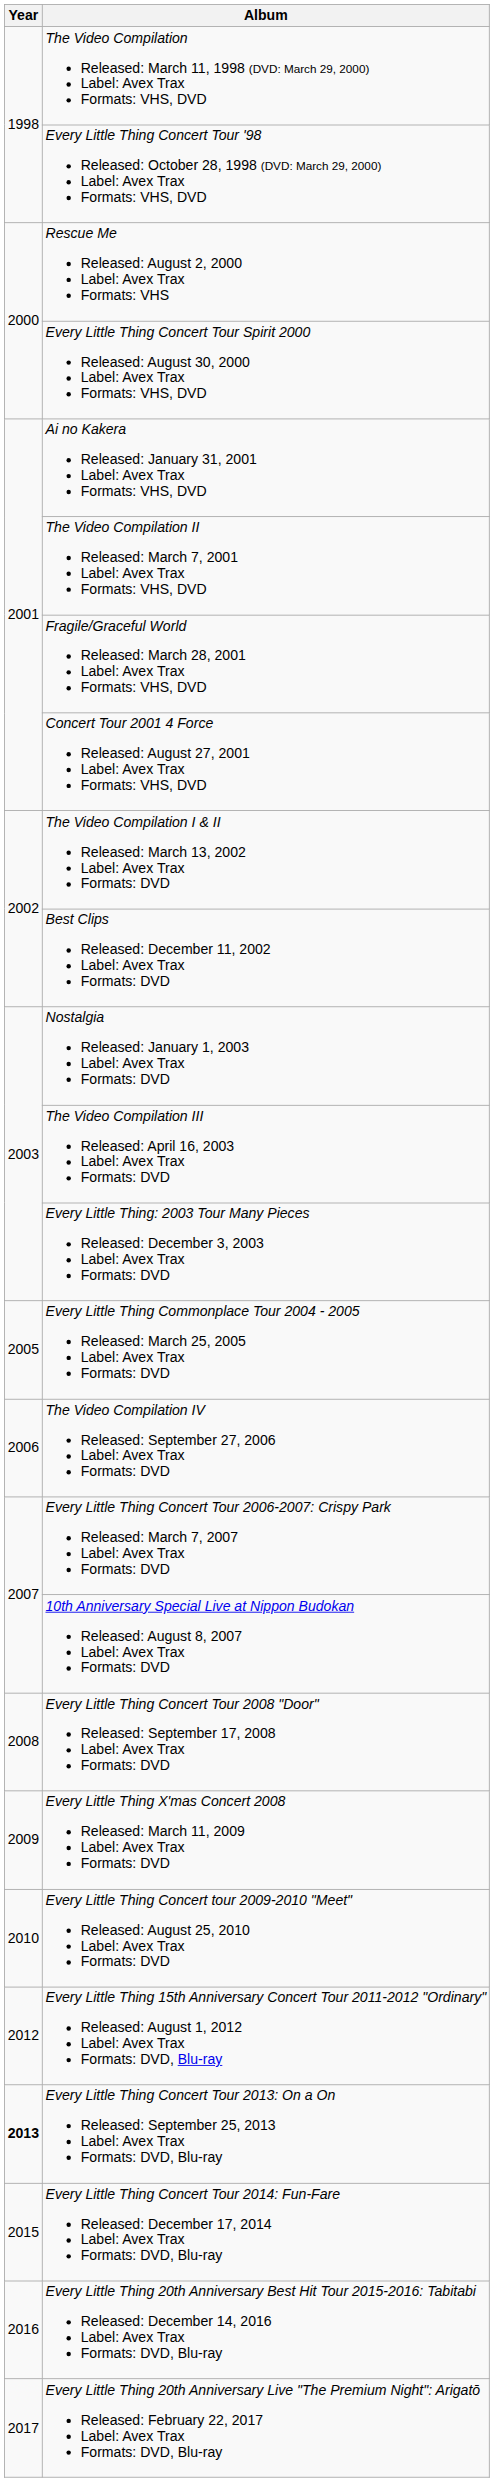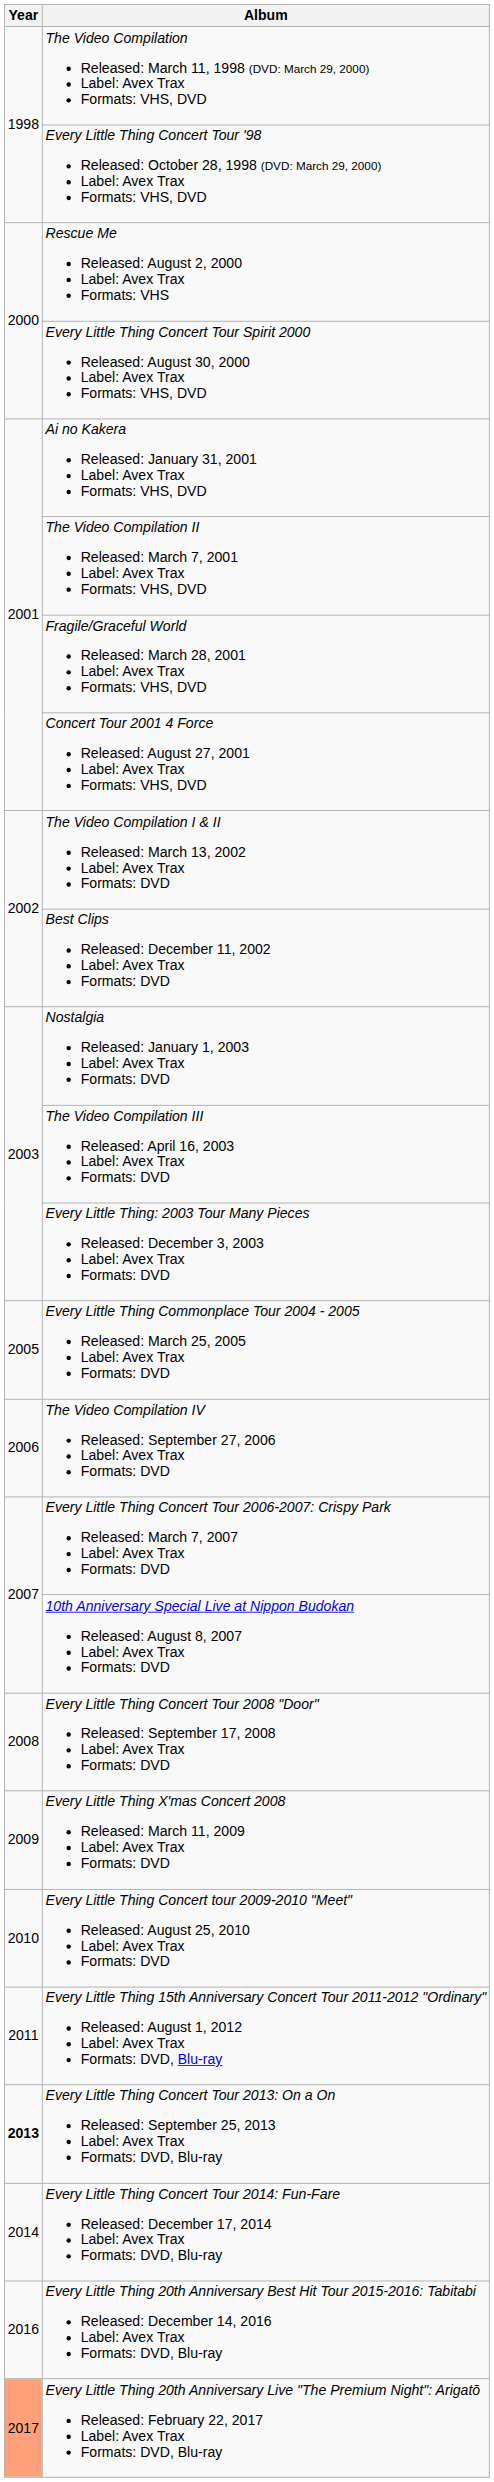 <table class="wikitable" style="text-align:center;">
 <tr>
 <th>Year</th>
 <th>Album</th>
 </tr>
 <tr>
 <td rowspan="2">1998</td>
 <td align="left"><em>The Video Compilation</em><br><ul><li>Released: March 11, 1998 <small>(DVD: March 29, 2000)</small></li><li>Label: Avex Trax</li><li>Formats: VHS, DVD</li></ul></td>
 </tr>
 <tr>
 <td align="left"><em>Every Little Thing Concert Tour '98</em><br><ul><li>Released: October 28, 1998 <small>(DVD: March 29, 2000)</small></li><li>Label: Avex Trax</li><li>Formats: VHS, DVD</li></ul></td>
 </tr>
 <tr>
 <td rowspan="2">2000</td>
 <td align="left"><em>Rescue Me</em><br><ul><li>Released: August 2, 2000</li><li>Label: Avex Trax</li><li>Formats: VHS</li></ul></td>
 </tr>
 <tr>
 <td align="left"><em>Every Little Thing Concert Tour Spirit 2000</em><br><ul><li>Released: August 30, 2000</li><li>Label: Avex Trax</li><li>Formats: VHS, DVD</li></ul></td>
 </tr>
 <tr>
 <td rowspan="4">2001</td>
 <td align="left"><em>Ai no Kakera</em><br><ul><li>Released: January 31, 2001</li><li>Label: Avex Trax</li><li>Formats: VHS, DVD</li></ul></td>
 </tr>
 <tr>
 <td align="left"><em>The Video Compilation II</em><br><ul><li>Released: March 7, 2001</li><li>Label: Avex Trax</li><li>Formats: VHS, DVD</li></ul></td>
 </tr>
 <tr>
 <td align="left"><em>Fragile/Graceful World</em><br><ul><li>Released: March 28, 2001</li><li>Label: Avex Trax</li><li>Formats: VHS, DVD</li></ul></td>
 </tr>
 <tr>
 <td align="left"><em>Concert Tour 2001 4 Force</em><br><ul><li>Released: August 27, 2001</li><li>Label: Avex Trax</li><li>Formats: VHS, DVD</li></ul></td>
 </tr>
 <tr>
 <td rowspan="2">2002</td>
 <td align="left"><em>The Video Compilation I & II</em><br><ul><li>Released: March 13, 2002</li><li>Label: Avex Trax</li><li>Formats: DVD</li></ul></td>
 </tr>
 <tr>
 <td align="left"><em>Best Clips</em><br><ul><li>Released: December 11, 2002</li><li>Label: Avex Trax</li><li>Formats: DVD</li></ul></td>
 </tr>
 <tr>
 <td rowspan="3">2003</td>
 <td align="left"><em>Nostalgia</em><br><ul><li>Released: January 1, 2003</li><li>Label: Avex Trax</li><li>Formats: DVD</li></ul></td>
 </tr>
 <tr>
 <td align="left"><em>The Video Compilation III</em><br><ul><li>Released: April 16, 2003</li><li>Label: Avex Trax</li><li>Formats: DVD</li></ul></td>
 </tr>
 <tr>
 <td align="left"><em>Every Little Thing: 2003 Tour Many Pieces</em><br><ul><li>Released: December 3, 2003</li><li>Label: Avex Trax</li><li>Formats: DVD</li></ul></td>
 </tr>
 <tr>
 <td>2005</td>
 <td align="left"><em>Every Little Thing Commonplace Tour 2004 - 2005</em><br><ul><li>Released: March 25, 2005</li><li>Label: Avex Trax</li><li>Formats: DVD</li></ul></td>
 </tr>
 <tr>
 <td>2006</td>
 <td align="left"><em>The Video Compilation IV</em><br><ul><li>Released: September 27, 2006</li><li>Label: Avex Trax</li><li>Formats: DVD</li></ul></td>
 </tr>
 <tr>
 <td rowspan="2">2007</td>
 <td align="left"><em>Every Little Thing Concert Tour 2006-2007: Crispy Park</em><br><ul><li>Released: March 7, 2007</li><li>Label: Avex Trax</li><li>Formats: DVD</li></ul></td>
 </tr>
 <tr>
 <td align="left"><em><a href='#'>10th Anniversary Special Live at Nippon Budokan</a></em><br><ul><li>Released: August 8, 2007</li><li>Label: Avex Trax</li><li>Formats: DVD</li></ul></td>
 </tr>
 <tr>
 <td>2008</td>
 <td align="left"><em>Every Little Thing Concert Tour 2008 "Door"</em><br><ul><li>Released: September 17, 2008</li><li>Label: Avex Trax</li><li>Formats: DVD</li></ul></td>
 </tr>
 <tr>
 <td>2009</td>
 <td align="left"><em>Every Little Thing X'mas Concert 2008</em><br><ul><li>Released: March 11, 2009</li><li>Label: Avex Trax</li><li>Formats: DVD</li></ul></td>
 </tr>
 <tr>
 <td>2010</td>
 <td align="left"><em>Every Little Thing Concert tour 2009-2010 "Meet"</em><br><ul><li>Released: August 25, 2010</li><li>Label: Avex Trax</li><li>Formats: DVD</li></ul></td>
 </tr>
 <tr>
-<td>2012</td>
+<td>2011</td>
 <td align="left"><em>Every Little Thing 15th Anniversary Concert Tour 2011-2012 "Ordinary"</em><br><ul><li>Released: August 1, 2012</li><li>Label: Avex Trax</li><li>Formats: DVD, <a href='#'>Blu-ray</a></li></ul></td>
 </tr>
 <tr>
 <td><strong>2013</strong></td>
 <td align="left"><em>Every Little Thing Concert Tour 2013: On a On</em><br><ul><li>Released: September 25, 2013</li><li>Label: Avex Trax</li><li>Formats: DVD, Blu-ray</li></ul></td>
 </tr>
 <tr>
-<td>2015</td>
+<td>2014</td>
 <td align="left"><em>Every Little Thing Concert Tour 2014: Fun-Fare</em><br><ul><li>Released: December 17, 2014</li><li>Label: Avex Trax</li><li>Formats: DVD, Blu-ray</li></ul></td>
 </tr>
 <tr>
 <td>2016</td>
 <td align="left"><em>Every Little Thing 20th Anniversary Best Hit Tour 2015-2016: Tabitabi</em><br><ul><li>Released: December 14, 2016</li><li>Label: Avex Trax</li><li>Formats: DVD, Blu-ray</li></ul></td>
 </tr>
 <tr>
-<td>2017</td>
+<td style="background: lightsalmon;">2017</td>
 <td align="left"><em>Every Little Thing 20th Anniversary Live "The Premium Night": Arigatō</em><br><ul><li>Released: February 22, 2017</li><li>Label: Avex Trax</li><li>Formats: DVD, Blu-ray</li></ul></td>
 </tr>
 </table>
